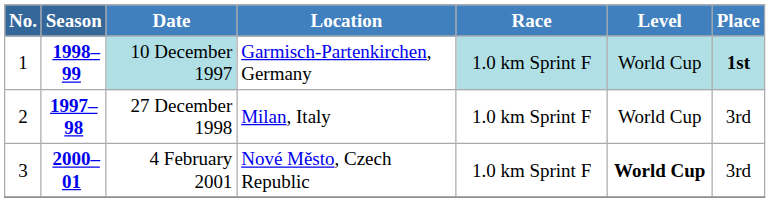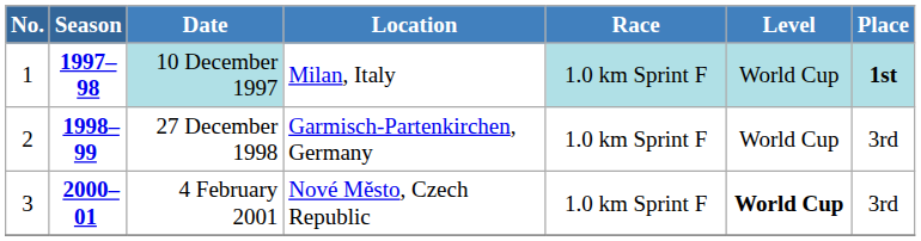 <table class="wikitable sortable" style="font-size:95%; text-align:center; border:grey solid 1px; border-collapse:collapse; background:#ffffff;">
 <tr style="background:#efefef;">
 <th style="background-color:#369; color:white;">No.</th>
 <th style="background-color:#369; color:white;">Season</th>
 <th style="background-color:#4180be; color:white; width:120px;">Date</th>
 <th style="background-color:#4180be; color:white; width:220px;">Location</th>
 <th style="background-color:#4180be; color:white; width:160px;">Race</th>
 <th style="background-color:#4180be; color:white; width:100px;">Level</th>
 <th style="background-color:#4180be; color:white;">Place</th>
 </tr>
 <tr>
 <td align=center>1</td>
-<td rowspan=1 align=center><strong> <a href='#'>1998–99</a> </strong></td>
+<td rowspan=1 align=center><strong><a href='#'>1997–98</a></strong></td>
 <td bgcolor="#BOEOE6" align=right>10 December 1997</td>
-<td align=left> <a href='#'>Garmisch-Partenkirchen</a>, Germany</td>
+<td align=left> <a href='#'>Milan</a>, Italy</td>
 <td bgcolor="#BOEOE6">1.0 km Sprint F</td>
 <td bgcolor="#BOEOE6">World Cup</td>
 <td bgcolor="#BOEOE6"><strong>1st</strong></td>
 </tr>
 <tr>
 <td align=center>2</td>
-<td rowspan=1 align=center><strong><a href='#'>1997–98</a></strong></td>
+<td rowspan=1 align=center><strong> <a href='#'>1998–99</a> </strong></td>
 <td align=right>27 December 1998</td>
-<td align=left> <a href='#'>Milan</a>, Italy</td>
+<td align=left> <a href='#'>Garmisch-Partenkirchen</a>, Germany</td>
 <td>1.0 km Sprint F</td>
 <td>World Cup</td>
 <td>3rd</td>
 </tr>
 <tr>
 <td align=center>3</td>
 <td rowspan=1 align=center><strong> <a href='#'>2000–01</a> </strong></td>
 <td align=right>4 February 2001</td>
 <td align=left> <a href='#'>Nové Město</a>, Czech Republic</td>
 <td>1.0 km Sprint F</td>
 <td><strong>World Cup</strong></td>
 <td>3rd</td>
 </tr>
 <tr>
 </tr>
 </table>
